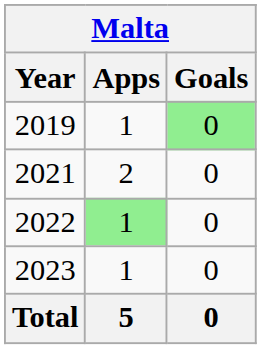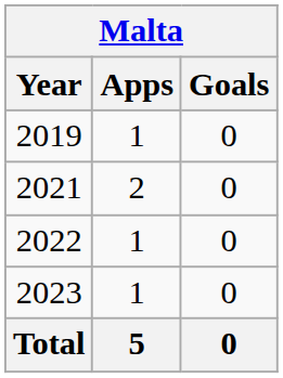 <table class="wikitable" style="text-align:center">
 <tr>
 <th colspan=3><a href='#'>Malta</a></th>
 </tr>
 <tr>
 <th>Year</th>
 <th>Apps</th>
 <th>Goals</th>
 </tr>
 <tr>
 <td>2019</td>
 <td>1</td>
-<td style="background: lightgreen;">0</td>
+<td>0</td>
 </tr>
 <tr>
 <td>2021</td>
 <td>2</td>
 <td>0</td>
 </tr>
 <tr>
 <td>2022</td>
-<td style="background: lightgreen;">1</td>
+<td>1</td>
 <td>0</td>
 </tr>
 <tr>
 <td>2023</td>
 <td>1</td>
 <td>0</td>
 </tr>
 <tr>
 <th>Total</th>
 <th>5</th>
 <th>0</th>
 </tr>
 </table>
